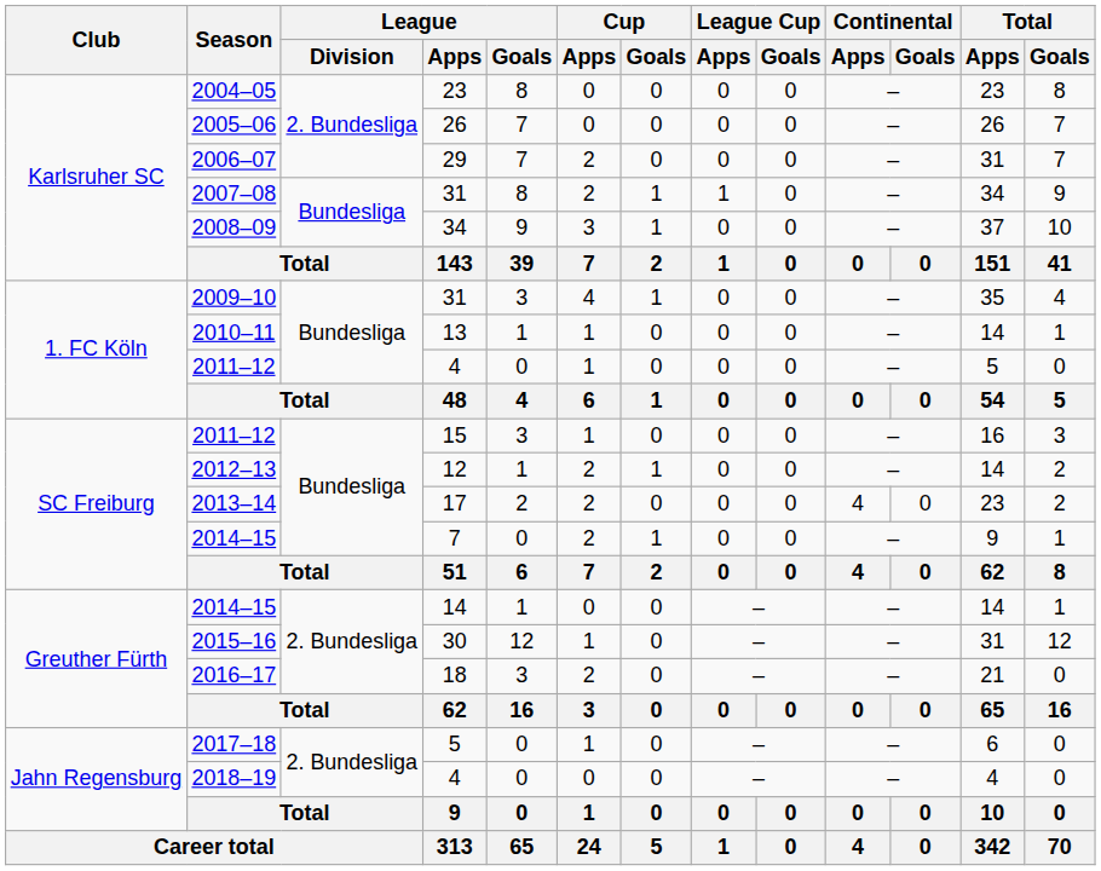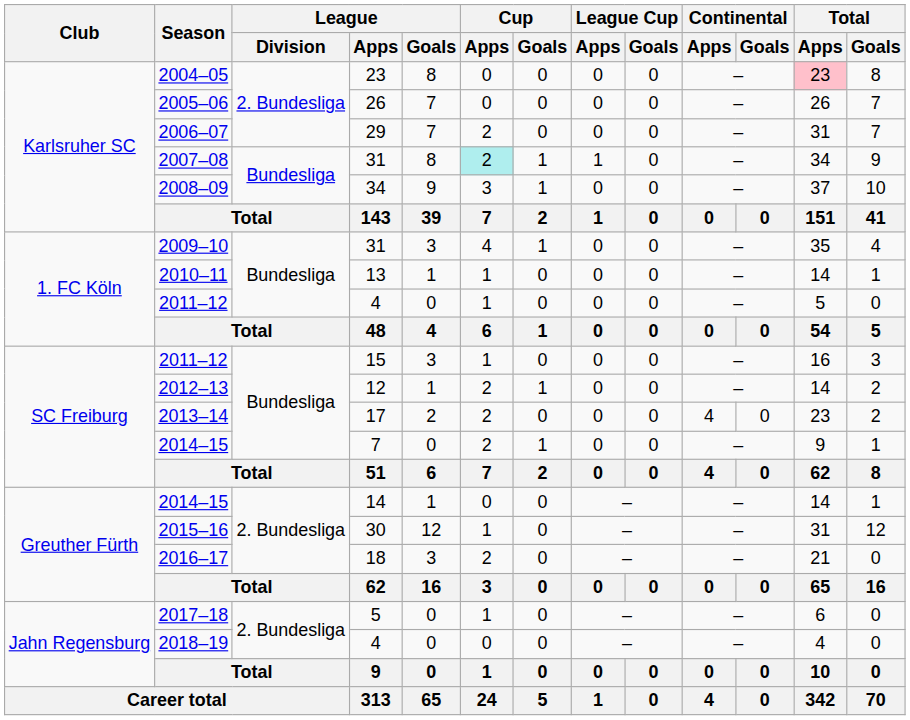 <table class="wikitable" style="text-align:center">
 <tr>
 <th rowspan="2">Club</th>
 <th rowspan="2">Season</th>
 <th colspan="3">League</th>
 <th colspan="2">Cup</th>
 <th colspan="2">League Cup</th>
 <th colspan="2">Continental</th>
 <th colspan="2">Total</th>
 </tr>
 <tr>
 <th>Division</th>
 <th>Apps</th>
 <th>Goals</th>
 <th>Apps</th>
 <th>Goals</th>
 <th>Apps</th>
 <th>Goals</th>
 <th>Apps</th>
 <th>Goals</th>
 <th>Apps</th>
 <th>Goals</th>
 </tr>
 <tr>
 <td rowspan="6"><a href='#'>Karlsruher SC</a></td>
 <td><a href='#'>2004–05</a></td>
 <td rowspan="3"><a href='#'>2. Bundesliga</a></td>
 <td>23</td>
 <td>8</td>
 <td>0</td>
 <td>0</td>
 <td>0</td>
 <td>0</td>
 <td colspan="2">–</td>
-<td>23</td>
+<td style="background: pink;">23</td>
 <td>8</td>
 </tr>
 <tr>
 <td><a href='#'>2005–06</a></td>
 <td>26</td>
 <td>7</td>
 <td>0</td>
 <td>0</td>
 <td>0</td>
 <td>0</td>
 <td colspan="2">–</td>
 <td>26</td>
 <td>7</td>
 </tr>
 <tr>
 <td><a href='#'>2006–07</a></td>
 <td>29</td>
 <td>7</td>
 <td>2</td>
 <td>0</td>
 <td>0</td>
 <td>0</td>
 <td colspan="2">–</td>
 <td>31</td>
 <td>7</td>
 </tr>
 <tr>
 <td><a href='#'>2007–08</a></td>
 <td rowspan="2"><a href='#'>Bundesliga</a></td>
 <td>31</td>
 <td>8</td>
-<td>2</td>
+<td style="background: paleturquoise;">2</td>
 <td>1</td>
 <td>1</td>
 <td>0</td>
 <td colspan="2">–</td>
 <td>34</td>
 <td>9</td>
 </tr>
 <tr>
 <td><a href='#'>2008–09</a></td>
 <td>34</td>
 <td>9</td>
 <td>3</td>
 <td>1</td>
 <td>0</td>
 <td>0</td>
 <td colspan="2">–</td>
 <td>37</td>
 <td>10</td>
 </tr>
 <tr>
 <th colspan="2">Total</th>
 <th>143</th>
 <th>39</th>
 <th>7</th>
 <th>2</th>
 <th>1</th>
 <th>0</th>
 <th>0</th>
 <th>0</th>
 <th>151</th>
 <th>41</th>
 </tr>
 <tr>
 <td rowspan="4"><a href='#'>1. FC Köln</a></td>
 <td><a href='#'>2009–10</a></td>
 <td rowspan="3">Bundesliga</td>
 <td>31</td>
 <td>3</td>
 <td>4</td>
 <td>1</td>
 <td>0</td>
 <td>0</td>
 <td colspan="2">–</td>
 <td>35</td>
 <td>4</td>
 </tr>
 <tr>
 <td><a href='#'>2010–11</a></td>
 <td>13</td>
 <td>1</td>
 <td>1</td>
 <td>0</td>
 <td>0</td>
 <td>0</td>
 <td colspan="2">–</td>
 <td>14</td>
 <td>1</td>
 </tr>
 <tr>
 <td><a href='#'>2011–12</a></td>
 <td>4</td>
 <td>0</td>
 <td>1</td>
 <td>0</td>
 <td>0</td>
 <td>0</td>
 <td colspan="2">–</td>
 <td>5</td>
 <td>0</td>
 </tr>
 <tr>
 <th colspan="2">Total</th>
 <th>48</th>
 <th>4</th>
 <th>6</th>
 <th>1</th>
 <th>0</th>
 <th>0</th>
 <th>0</th>
 <th>0</th>
 <th>54</th>
 <th>5</th>
 </tr>
 <tr>
 <td rowspan="5"><a href='#'>SC Freiburg</a></td>
 <td><a href='#'>2011–12</a></td>
 <td rowspan="4">Bundesliga</td>
 <td>15</td>
 <td>3</td>
 <td>1</td>
 <td>0</td>
 <td>0</td>
 <td>0</td>
 <td colspan="2">–</td>
 <td>16</td>
 <td>3</td>
 </tr>
 <tr>
 <td><a href='#'>2012–13</a></td>
 <td>12</td>
 <td>1</td>
 <td>2</td>
 <td>1</td>
 <td>0</td>
 <td>0</td>
 <td colspan="2">–</td>
 <td>14</td>
 <td>2</td>
 </tr>
 <tr>
 <td><a href='#'>2013–14</a></td>
 <td>17</td>
 <td>2</td>
 <td>2</td>
 <td>0</td>
 <td>0</td>
 <td>0</td>
 <td>4</td>
 <td>0</td>
 <td>23</td>
 <td>2</td>
 </tr>
 <tr>
 <td><a href='#'>2014–15</a></td>
 <td>7</td>
 <td>0</td>
 <td>2</td>
 <td>1</td>
 <td>0</td>
 <td>0</td>
 <td colspan="2">–</td>
 <td>9</td>
 <td>1</td>
 </tr>
 <tr>
 <th colspan="2">Total</th>
 <th>51</th>
 <th>6</th>
 <th>7</th>
 <th>2</th>
 <th>0</th>
 <th>0</th>
 <th>4</th>
 <th>0</th>
 <th>62</th>
 <th>8</th>
 </tr>
 <tr>
 <td rowspan="4"><a href='#'>Greuther Fürth</a></td>
 <td><a href='#'>2014–15</a></td>
 <td rowspan="3">2. Bundesliga</td>
 <td>14</td>
 <td>1</td>
 <td>0</td>
 <td>0</td>
 <td colspan="2">–</td>
 <td colspan="2">–</td>
 <td>14</td>
 <td>1</td>
 </tr>
 <tr>
 <td><a href='#'>2015–16</a></td>
 <td>30</td>
 <td>12</td>
 <td>1</td>
 <td>0</td>
 <td colspan="2">–</td>
 <td colspan="2">–</td>
 <td>31</td>
 <td>12</td>
 </tr>
 <tr>
 <td><a href='#'>2016–17</a></td>
 <td>18</td>
 <td>3</td>
 <td>2</td>
 <td>0</td>
 <td colspan="2">–</td>
 <td colspan="2">–</td>
 <td>21</td>
 <td>0</td>
 </tr>
 <tr>
 <th colspan="2">Total</th>
 <th>62</th>
 <th>16</th>
 <th>3</th>
 <th>0</th>
 <th>0</th>
 <th>0</th>
 <th>0</th>
 <th>0</th>
 <th>65</th>
 <th>16</th>
 </tr>
 <tr>
 <td rowspan="3"><a href='#'>Jahn Regensburg</a></td>
 <td><a href='#'>2017–18</a></td>
 <td rowspan="2">2. Bundesliga</td>
 <td>5</td>
 <td>0</td>
 <td>1</td>
 <td>0</td>
 <td colspan="2">–</td>
 <td colspan="2">–</td>
 <td>6</td>
 <td>0</td>
 </tr>
 <tr>
 <td><a href='#'>2018–19</a></td>
 <td>4</td>
 <td>0</td>
 <td>0</td>
 <td>0</td>
 <td colspan="2">–</td>
 <td colspan="2">–</td>
 <td>4</td>
 <td>0</td>
 </tr>
 <tr>
 <th colspan="2">Total</th>
 <th>9</th>
 <th>0</th>
 <th>1</th>
 <th>0</th>
 <th>0</th>
 <th>0</th>
 <th>0</th>
 <th>0</th>
 <th>10</th>
 <th>0</th>
 </tr>
 <tr>
 <th colspan="3">Career total</th>
 <th>313</th>
 <th>65</th>
 <th>24</th>
 <th>5</th>
 <th>1</th>
 <th>0</th>
 <th>4</th>
 <th>0</th>
 <th>342</th>
 <th>70</th>
 </tr>
 </table>
